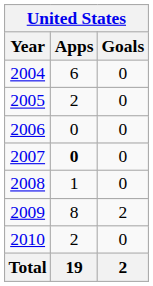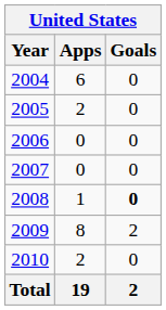 <table class="wikitable" style="text-align:center">
 <tr>
 <th colspan="3"><a href='#'>United States</a></th>
 </tr>
 <tr>
 <th>Year</th>
 <th>Apps</th>
 <th>Goals</th>
 </tr>
 <tr>
 <td><a href='#'>2004</a></td>
 <td>6</td>
 <td>0</td>
 </tr>
 <tr>
 <td><a href='#'>2005</a></td>
 <td>2</td>
 <td>0</td>
 </tr>
 <tr>
 <td><a href='#'>2006</a></td>
 <td>0</td>
 <td>0</td>
 </tr>
 <tr>
 <td><a href='#'>2007</a></td>
-<td><strong>0</strong></td>
+<td>0</td>
 <td>0</td>
 </tr>
 <tr>
 <td><a href='#'>2008</a></td>
 <td>1</td>
-<td>0</td>
+<td><strong>0</strong></td>
 </tr>
 <tr>
 <td><a href='#'>2009</a></td>
 <td>8</td>
 <td>2</td>
 </tr>
 <tr>
 <td><a href='#'>2010</a></td>
 <td>2</td>
 <td>0</td>
 </tr>
 <tr>
 <th>Total</th>
 <th>19</th>
 <th>2</th>
 </tr>
 </table>
